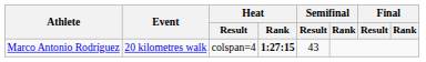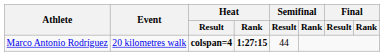 <table class="wikitable" style="font-size:90%">
 <tr>
 <th rowspan="2">Athlete</th>
 <th rowspan="2">Event</th>
 <th colspan="2">Heat</th>
 <th colspan="2">Semifinal</th>
 <th colspan="2">Final</th>
 </tr>
 <tr style="font-size:95%">
 <th>Result</th>
 <th>Rank</th>
 <th>Result</th>
 <th>Rank</th>
 <th>Result</th>
 <th>Rank</th>
 </tr>
 <tr style=text-align:center>
 <td style=text-align:left><a href='#'>Marco Antonio Rodríguez</a></td>
 <td style=text-align:left><a href='#'>20 kilometres walk</a></td>
-<td>colspan=4 </td>
+<td><strong>colspan=4 </strong></td>
 <td><strong>1:27:15</strong></td>
-<td>43</td>
+<td>44</td>
 </tr>
 </table>
